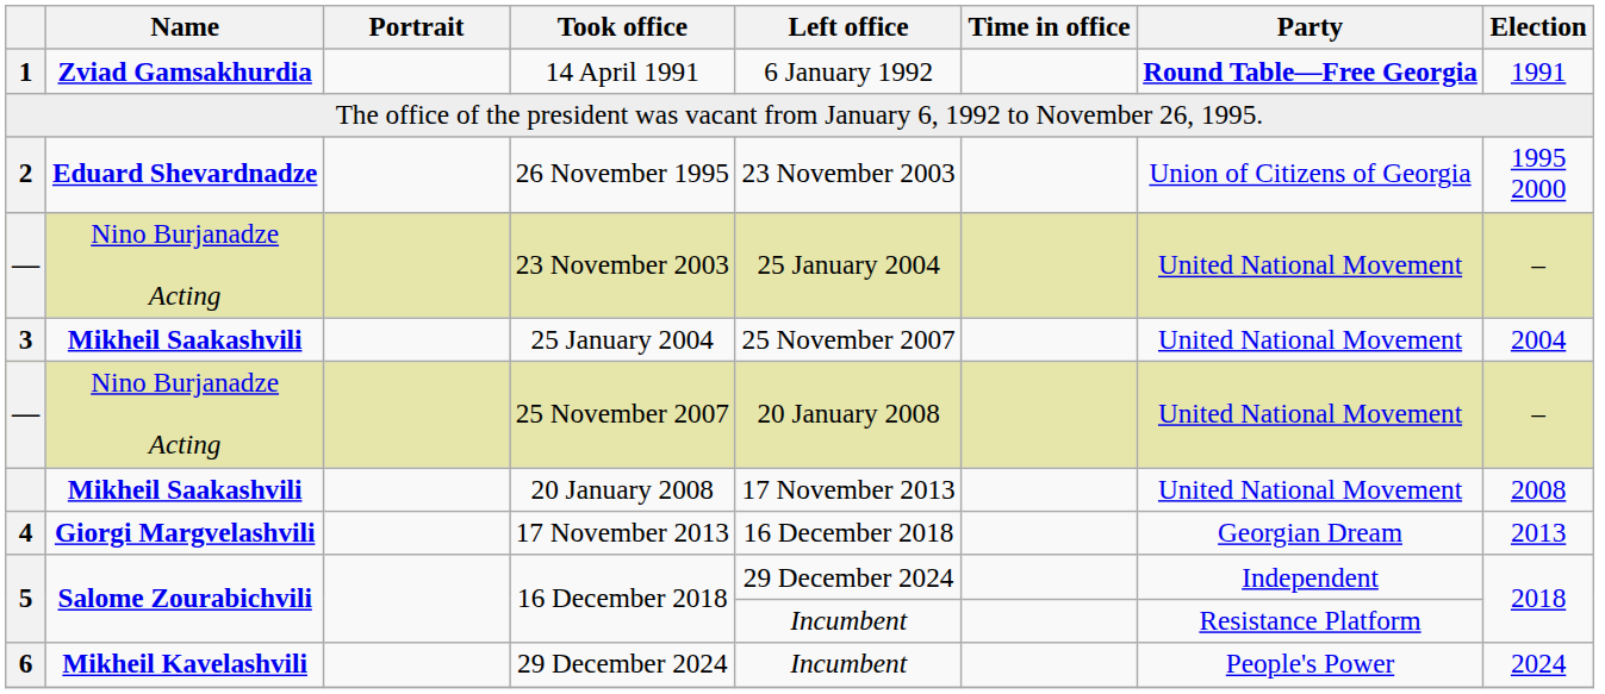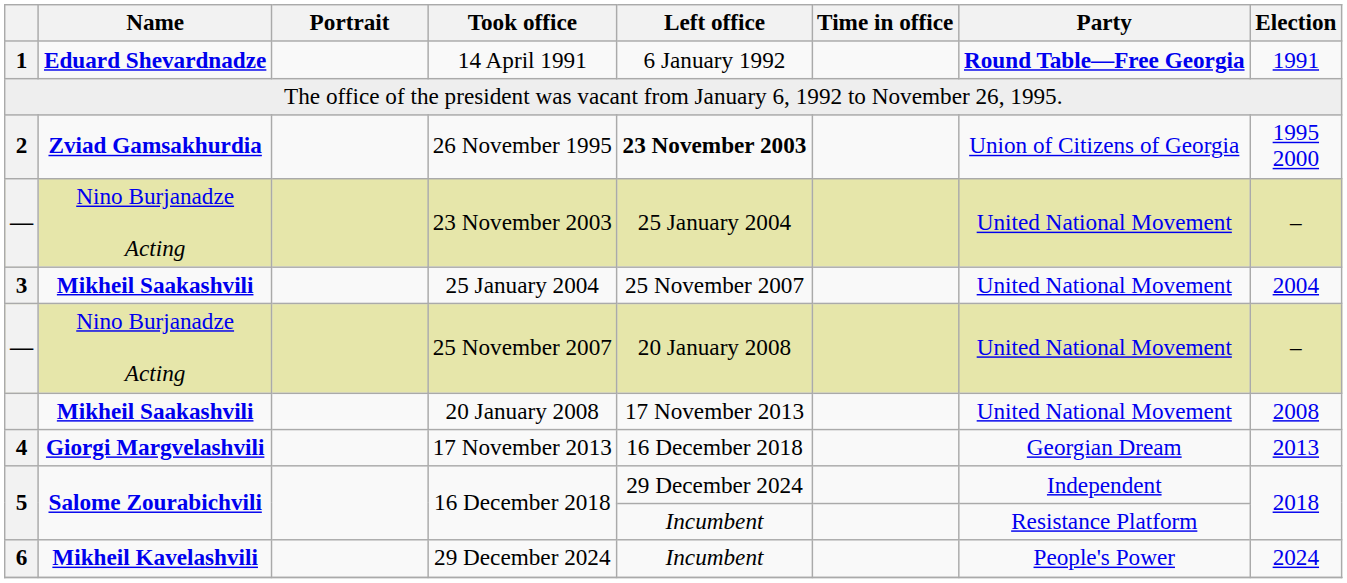 <table class="wikitable" style="text-align:center">
 <tr>
 <th></th>
 <th>Name<br></th>
 <th width="100px">Portrait</th>
 <th>Took office</th>
 <th>Left office</th>
 <th>Time in office</th>
 <th>Party</th>
 <th>Election</th>
 </tr>
 <tr>
 <th style="background:">1</th>
-<td><strong><a href='#'>Zviad Gamsakhurdia</a></strong><br></td>
+<td><strong><a href='#'>Eduard Shevardnadze</a></strong><br></td>
 <td></td>
 <td>14 April 1991</td>
 <td>6 January 1992<br></td>
 <td></td>
 <td><strong><a href='#'>Round Table—Free Georgia</a></strong></td>
 <td><a href='#'>1991</a></td>
 </tr>
 <tr>
 <td bgcolor=#EEEEEE colspan=8>The office of the president was vacant from January 6, 1992 to November 26, 1995.</td>
 </tr>
 <tr>
 <th style="background:">2</th>
-<td><strong><a href='#'>Eduard Shevardnadze</a></strong><br></td>
+<td><strong><a href='#'>Zviad Gamsakhurdia</a></strong><br></td>
 <td></td>
 <td>26 November 1995</td>
-<td>23 November 2003<br></td>
+<td><strong>23 November 2003<br></strong></td>
 <td></td>
 <td><a href='#'>Union of Citizens of Georgia</a></td>
 <td><a href='#'>1995</a><br><a href='#'>2000</a></td>
 </tr>
 <tr style="background-color:#E6E6AA">
 <th style="background:">—</th>
 <td><a href='#'>Nino Burjanadze</a><br><br><em>Acting</em></td>
 <td></td>
 <td>23 November 2003</td>
 <td>25 January 2004</td>
 <td></td>
 <td><a href='#'>United National Movement</a></td>
 <td>–</td>
 </tr>
 <tr>
 <th style="background:">3</th>
 <td><strong><a href='#'>Mikheil Saakashvili</a></strong><br></td>
 <td></td>
 <td>25 January 2004</td>
 <td>25 November 2007<br></td>
 <td></td>
 <td><a href='#'>United National Movement</a></td>
 <td><a href='#'>2004</a></td>
 </tr>
 <tr style="background-color:#E6E6AA">
 <th style="background:">—</th>
 <td><a href='#'>Nino Burjanadze</a><br><br><em>Acting</em></td>
 <td></td>
 <td>25 November 2007</td>
 <td>20 January 2008</td>
 <td></td>
 <td><a href='#'>United National Movement</a></td>
 <td>–</td>
 </tr>
 <tr>
 <th style="background:"></th>
 <td><strong><a href='#'>Mikheil Saakashvili</a></strong><br></td>
 <td></td>
 <td>20 January 2008</td>
 <td>17 November 2013</td>
 <td></td>
 <td><a href='#'>United National Movement</a></td>
 <td><a href='#'>2008</a></td>
 </tr>
 <tr>
 <th style="background:">4</th>
 <td><strong><a href='#'>Giorgi Margvelashvili</a></strong><br></td>
 <td></td>
 <td>17 November 2013</td>
 <td>16 December 2018</td>
 <td></td>
 <td><a href='#'>Georgian Dream</a></td>
 <td><a href='#'>2013</a></td>
 </tr>
 <tr>
 <th rowspan="2" style="background:">5</th>
 <td rowspan="2"><strong><a href='#'>Salome Zourabichvili</a></strong><br></td>
 <td rowspan="2"></td>
 <td rowspan="2">16 December 2018</td>
 <td>29 December 2024</td>
 <td></td>
 <td><a href='#'>Independent</a></td>
 <td rowspan="2"><a href='#'>2018</a></td>
 </tr>
 <tr>
 <td><em>Incumbent</em><br></td>
 <td><br></td>
 <td><a href='#'>Resistance Platform</a></td>
 </tr>
 <tr>
 <th style="background:">6</th>
 <td><strong><a href='#'>Mikheil Kavelashvili</a></strong><br></td>
 <td></td>
 <td>29 December 2024</td>
 <td><em>Incumbent</em><br></td>
 <td><br></td>
 <td><a href='#'>People's Power</a></td>
 <td><a href='#'>2024</a></td>
 </tr>
 <tr>
 </tr>
 </table>
